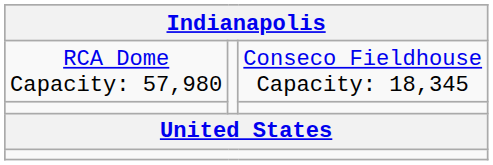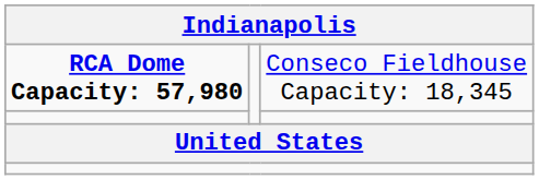 <table class="wikitable" style="text-align:center;">
 <tr>
 <th colspan=3><a href='#'>Indianapolis</a></th>
 </tr>
 <tr>
-<td><a href='#'>RCA Dome</a><br>Capacity: 57,980</td>
+<td><strong><a href='#'>RCA Dome</a><br>Capacity: 57,980</strong></td>
 <td rowspan=2></td>
 <td><a href='#'>Conseco Fieldhouse</a><br>Capacity: 18,345</td>
 </tr>
 <tr>
 <td></td>
 <td></td>
 </tr>
 <tr>
 <th colspan="3"><a href='#'>United States</a></th>
 </tr>
 <tr>
 <td colspan="3"></td>
 </tr>
 </table>
